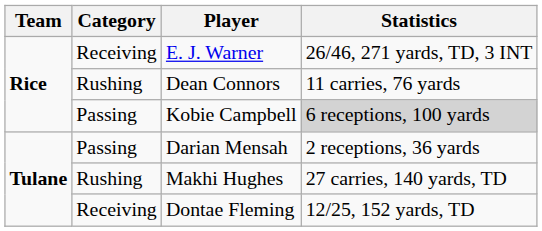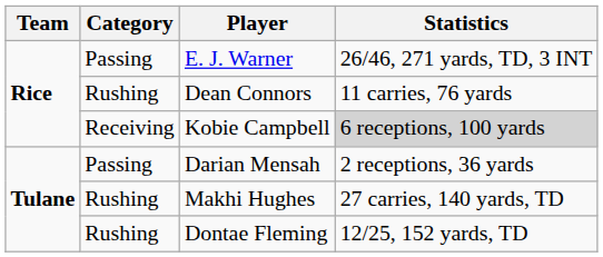 <table class="wikitable" style="float: right;">
 <tr>
 <th>Team</th>
 <th>Category</th>
 <th>Player</th>
 <th>Statistics</th>
 </tr>
 <tr>
 <td rowspan=3><strong>Rice</strong></td>
-<td>Receiving</td>
+<td>Passing</td>
 <td><a href='#'>E. J. Warner</a></td>
 <td>26/46, 271 yards, TD, 3 INT</td>
 </tr>
 <tr>
 <td>Rushing</td>
 <td>Dean Connors</td>
 <td>11 carries, 76 yards</td>
 </tr>
 <tr>
-<td>Passing</td>
+<td>Receiving</td>
 <td>Kobie Campbell</td>
 <td style="background: lightgrey;">6 receptions, 100 yards</td>
 </tr>
 <tr>
 <td rowspan=3><strong>Tulane</strong></td>
 <td>Passing</td>
 <td>Darian Mensah</td>
 <td>2 receptions, 36 yards</td>
 </tr>
 <tr>
 <td>Rushing</td>
 <td>Makhi Hughes</td>
 <td>27 carries, 140 yards, TD</td>
 </tr>
 <tr>
-<td>Receiving</td>
+<td>Rushing</td>
 <td>Dontae Fleming</td>
 <td>12/25, 152 yards, TD</td>
 </tr>
 </table>
